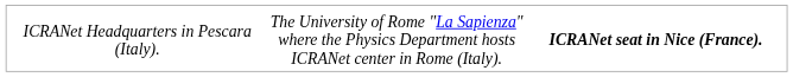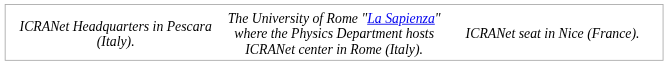 <table style="border: 1px solid darkgray; margin: 1em auto 1em auto;">
 <tr>
 <th style="width: 250px;"></th>
 <th style="width: 250px;"></th>
 <th style="width: 250px;"></th>
 </tr>
 <tr style="text-align: center;">
 <td><em>ICRANet Headquarters in Pescara (Italy).</em></td>
 <td><em>The University of Rome "<a href='#'>La Sapienza</a>" where the Physics Department hosts ICRANet center in Rome (Italy).</em></td>
-<td><strong><em>ICRANet seat in Nice (France).</em></strong></td>
+<td><em>ICRANet seat in Nice (France).</em></td>
 </tr>
 </table>
